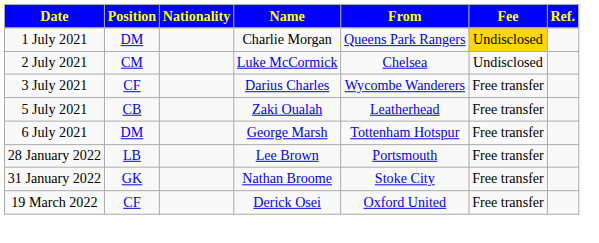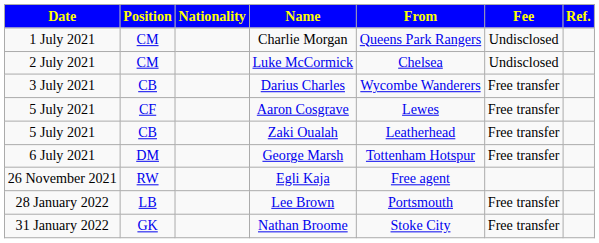 <table class="wikitable"  style="text-align:center; font-size:90%; ">
 <tr>
 <th style="background:#0000ff; color:#FFFF00; ">Date</th>
 <th style="background:#0000ff; color:#FFFF00; ">Position</th>
 <th style="background:#0000ff; color:#FFFF00; ">Nationality</th>
 <th style="background:#0000ff; color:#FFFF00; ">Name</th>
 <th style="background:#0000ff; color:#FFFF00; ">From</th>
 <th style="background:#0000ff; color:#FFFF00; ">Fee</th>
 <th style="background:#0000ff; color:#FFFF00; ">Ref.</th>
 </tr>
 <tr>
 <td>1 July 2021</td>
-<td><a href='#'>DM</a></td>
+<td><a href='#'>CM</a></td>
 <td></td>
 <td>Charlie Morgan</td>
 <td> <a href='#'>Queens Park Rangers</a></td>
-<td style="background: gold;">Undisclosed</td>
+<td>Undisclosed</td>
 <td></td>
 </tr>
 <tr>
 <td>2 July 2021</td>
 <td><a href='#'>CM</a></td>
 <td></td>
 <td><a href='#'>Luke McCormick</a></td>
 <td> <a href='#'>Chelsea</a></td>
 <td>Undisclosed</td>
 <td></td>
 </tr>
 <tr>
 <td>3 July 2021</td>
-<td><a href='#'>CF</a></td>
+<td><a href='#'>CB</a></td>
 <td></td>
 <td><a href='#'>Darius Charles</a></td>
 <td> <a href='#'>Wycombe Wanderers</a></td>
+<td>Free transfer</td>
+<td></td>
+</tr>
+<tr>
+<td>5 July 2021</td>
+<td><a href='#'>CF</a></td>
+<td></td>
+<td><a href='#'>Aaron Cosgrave</a></td>
+<td> <a href='#'>Lewes</a></td>
 <td>Free transfer</td>
 <td></td>
 </tr>
 <tr>
 <td>5 July 2021</td>
 <td><a href='#'>CB</a></td>
 <td></td>
 <td><a href='#'>Zaki Oualah</a></td>
 <td> <a href='#'>Leatherhead</a></td>
 <td>Free transfer</td>
 <td></td>
 </tr>
 <tr>
 <td>6 July 2021</td>
 <td><a href='#'>DM</a></td>
 <td></td>
 <td><a href='#'>George Marsh</a></td>
 <td> <a href='#'>Tottenham Hotspur</a></td>
 <td>Free transfer</td>
 <td></td>
 </tr>
 <tr>
+<td>26 November 2021</td>
+<td><a href='#'>RW</a></td>
+<td></td>
+<td><a href='#'>Egli Kaja</a></td>
+<td> <a href='#'>Free agent</a></td>
+<td></td>
+<td></td>
+</tr>
+<tr>
 <td>28 January 2022</td>
 <td><a href='#'>LB</a></td>
 <td></td>
 <td><a href='#'>Lee Brown</a></td>
 <td> <a href='#'>Portsmouth</a></td>
 <td>Free transfer</td>
 <td></td>
 </tr>
 <tr>
 <td>31 January 2022</td>
 <td><a href='#'>GK</a></td>
 <td></td>
 <td><a href='#'>Nathan Broome</a></td>
 <td> <a href='#'>Stoke City</a></td>
 <td>Free transfer</td>
 <td></td>
 </tr>
-<tr>
-<td>19 March 2022</td>
-<td><a href='#'>CF</a></td>
-<td></td>
-<td><a href='#'>Derick Osei</a></td>
-<td> <a href='#'>Oxford United</a></td>
-<td>Free transfer</td>
-<td></td>
-</tr>
 </table>
